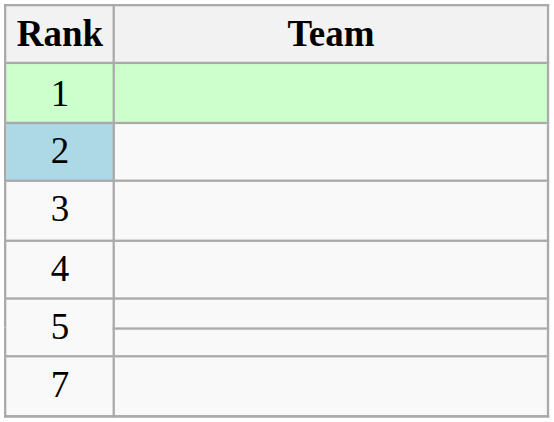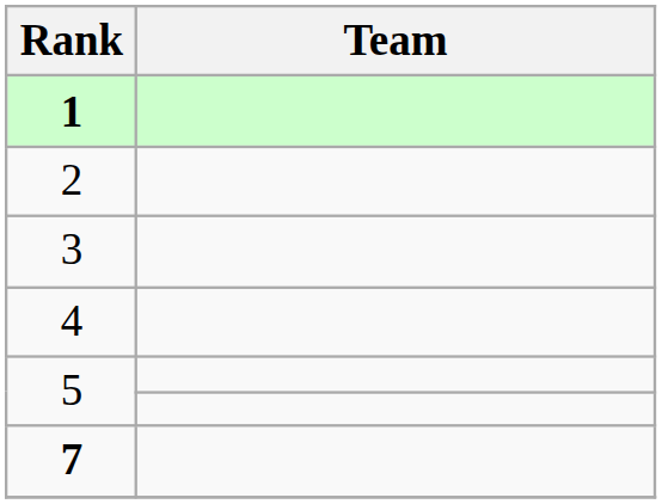 <table class="wikitable" style="text-align: center;">
 <tr>
 <th width=40>Rank</th>
 <th width=180>Team</th>
 </tr>
 <tr align=center bgcolor=#ccffcc>
-<td>1</td>
+<td><strong>1</strong></td>
 <td style="text-align:left;"></td>
 </tr>
 <tr align=center>
-<td style="background: lightblue;">2</td>
+<td>2</td>
 <td style="text-align:left;"></td>
 </tr>
 <tr align=center>
 <td>3</td>
 <td style="text-align:left;"></td>
 </tr>
 <tr align=center>
 <td>4</td>
 <td style="text-align:left;"></td>
 </tr>
 <tr align=center>
 <td rowspan="2">5</td>
 <td style="text-align:left;"></td>
 </tr>
 <tr align=center>
 <td style="text-align:left;"></td>
 </tr>
 <tr align=center>
-<td>7</td>
+<td><strong>7</strong></td>
 <td style="text-align:left;"></td>
 </tr>
 <tr align=center>
 </tr>
 </table>
